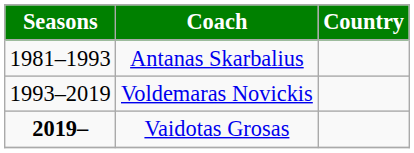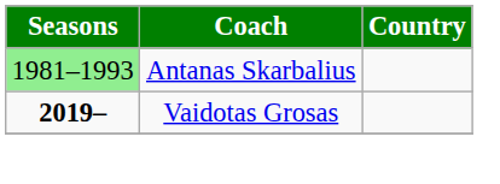 <table class="wikitable" style="text-align: center">
 <tr>
 <th style="color:#FFFFFF; background:#008000">Seasons</th>
 <th style="color:#FFFFFF; background:#008000">Coach</th>
 <th style="color:#FFFFFF; background:#008000">Country</th>
 </tr>
 <tr>
-<td style="text-align: center">1981–1993</td>
+<td style="background: lightgreen; text-align: center">1981–1993</td>
 <td style="text-align: center"><a href='#'>Antanas Skarbalius</a></td>
-<td style="text-align: center"></td>
-</tr>
-<tr>
-<td style="text-align: center">1993–2019</td>
-<td style="text-align: center"><a href='#'>Voldemaras Novickis</a></td>
 <td style="text-align: center"></td>
 </tr>
 <tr>
 <td style="text-align: center"><strong>2019–</strong></td>
 <td style="text-align: center"><a href='#'>Vaidotas Grosas</a></td>
 <td style="text-align: center"></td>
 </tr>
 <tr>
 </tr>
 </table>
